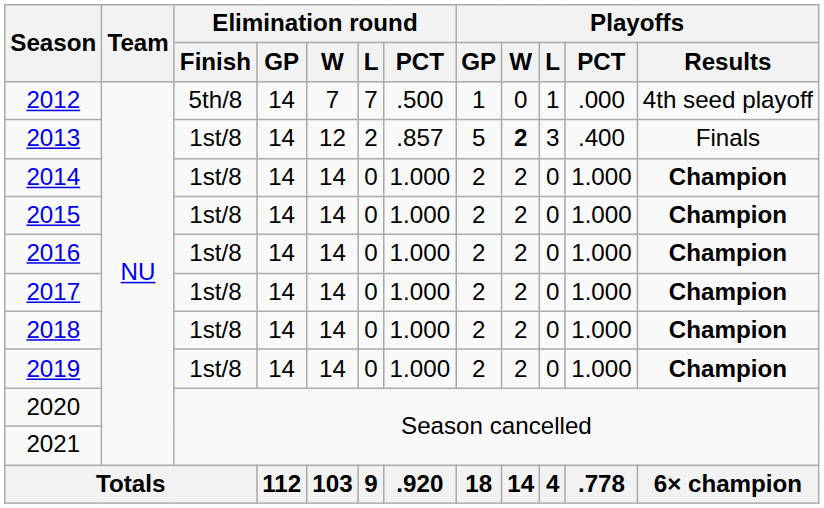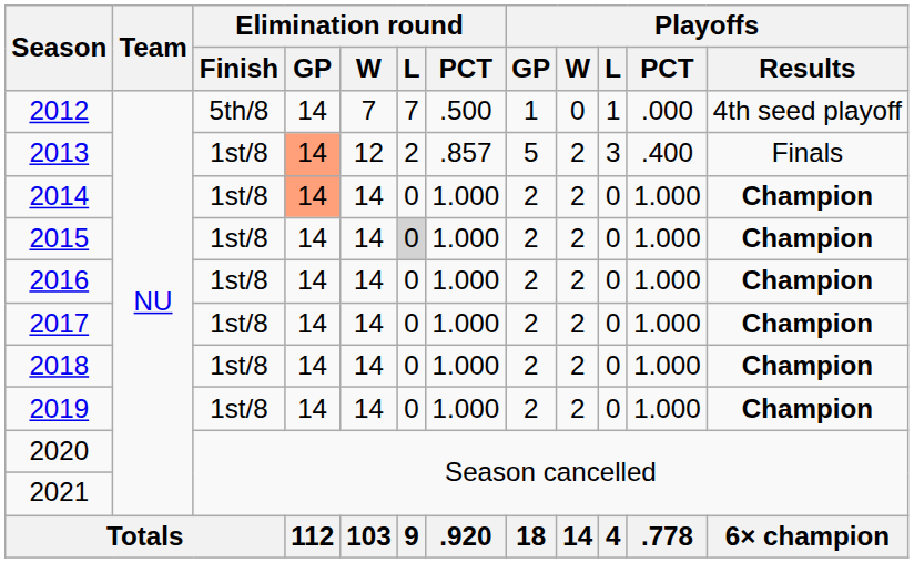 <table class="wikitable" style="text-align:center">
 <tr>
 <th rowspan="2">Season</th>
 <th rowspan="2">Team</th>
 <th colspan="5">Elimination round</th>
 <th colspan="5">Playoffs</th>
 </tr>
 <tr>
 <th>Finish</th>
 <th>GP</th>
 <th>W</th>
 <th>L</th>
 <th>PCT</th>
 <th>GP</th>
 <th>W</th>
 <th>L</th>
 <th>PCT</th>
 <th>Results</th>
 </tr>
 <tr>
 <td><a href='#'>2012</a></td>
 <td rowspan="10"><a href='#'>NU</a></td>
 <td>5th/8</td>
 <td>14</td>
 <td>7</td>
 <td>7</td>
 <td>.500</td>
 <td>1</td>
 <td>0</td>
 <td>1</td>
 <td>.000</td>
 <td>4th seed playoff</td>
 </tr>
 <tr>
 <td><a href='#'>2013</a></td>
 <td>1st/8</td>
-<td>14</td>
+<td style="background: lightsalmon;">14</td>
 <td>12</td>
 <td>2</td>
 <td>.857</td>
 <td>5</td>
-<td><strong>2</strong></td>
+<td>2</td>
 <td>3</td>
 <td>.400</td>
 <td>Finals</td>
 </tr>
 <tr>
 <td><a href='#'>2014</a></td>
 <td>1st/8</td>
-<td>14</td>
+<td style="background: lightsalmon;">14</td>
 <td>14</td>
 <td>0</td>
 <td>1.000</td>
 <td>2</td>
 <td>2</td>
 <td>0</td>
 <td>1.000</td>
 <td><strong>Champion</strong></td>
 </tr>
 <tr>
 <td><a href='#'>2015</a></td>
 <td>1st/8</td>
 <td>14</td>
 <td>14</td>
-<td>0</td>
+<td style="background: lightgrey;">0</td>
 <td>1.000</td>
 <td>2</td>
 <td>2</td>
 <td>0</td>
 <td>1.000</td>
 <td><strong>Champion</strong></td>
 </tr>
 <tr>
 <td><a href='#'>2016</a></td>
 <td>1st/8</td>
 <td>14</td>
 <td>14</td>
 <td>0</td>
 <td>1.000</td>
 <td>2</td>
 <td>2</td>
 <td>0</td>
 <td>1.000</td>
 <td><strong>Champion</strong></td>
 </tr>
 <tr>
 <td><a href='#'>2017</a></td>
 <td>1st/8</td>
 <td>14</td>
 <td>14</td>
 <td>0</td>
 <td>1.000</td>
 <td>2</td>
 <td>2</td>
 <td>0</td>
 <td>1.000</td>
 <td><strong>Champion</strong></td>
 </tr>
 <tr>
 <td><a href='#'>2018</a></td>
 <td>1st/8</td>
 <td>14</td>
 <td>14</td>
 <td>0</td>
 <td>1.000</td>
 <td>2</td>
 <td>2</td>
 <td>0</td>
 <td>1.000</td>
 <td><strong>Champion</strong></td>
 </tr>
 <tr>
 <td><a href='#'>2019</a></td>
 <td>1st/8</td>
 <td>14</td>
 <td>14</td>
 <td>0</td>
 <td>1.000</td>
 <td>2</td>
 <td>2</td>
 <td>0</td>
 <td>1.000</td>
 <td><strong>Champion</strong></td>
 </tr>
 <tr>
 <td>2020</td>
 <td colspan="10" rowspan="2">Season cancelled</td>
 </tr>
 <tr>
 <td>2021</td>
 </tr>
 <tr>
 <th colspan="3">Totals</th>
 <th>112</th>
 <th>103</th>
 <th>9</th>
 <th>.920</th>
 <th>18</th>
 <th>14</th>
 <th>4</th>
 <th>.778</th>
 <th>6× champion</th>
 </tr>
 </table>
